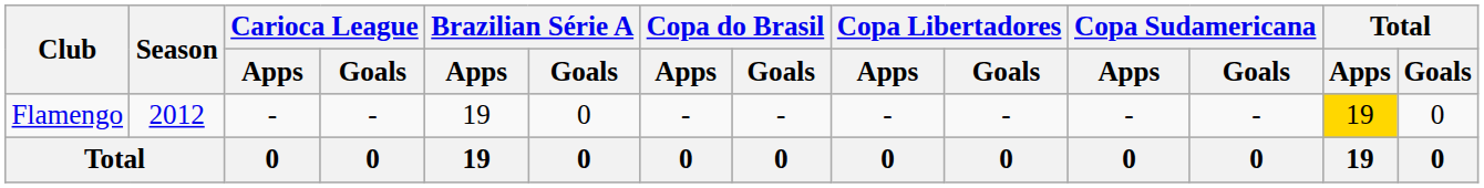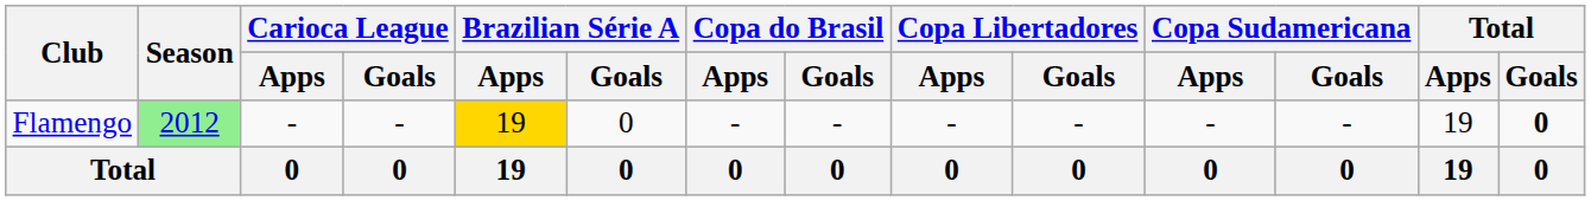 <table class="wikitable" style="text-align: center;">
 <tr>
 <th rowspan="2">Club</th>
 <th rowspan="2">Season</th>
 <th colspan="2"><a href='#'>Carioca League</a></th>
 <th colspan="2"><a href='#'>Brazilian Série A</a></th>
 <th colspan="2"><a href='#'>Copa do Brasil</a></th>
 <th colspan="2"><a href='#'>Copa Libertadores</a></th>
 <th colspan="2"><a href='#'>Copa Sudamericana</a></th>
 <th colspan="2">Total</th>
 </tr>
 <tr>
 <th>Apps</th>
 <th>Goals</th>
 <th>Apps</th>
 <th>Goals</th>
 <th>Apps</th>
 <th>Goals</th>
 <th>Apps</th>
 <th>Goals</th>
 <th>Apps</th>
 <th>Goals</th>
 <th>Apps</th>
 <th>Goals</th>
 </tr>
 <tr>
 <td rowspan="1" valign="center"><a href='#'>Flamengo</a></td>
-<td><a href='#'>2012</a></td>
+<td style="background: lightgreen;"><a href='#'>2012</a></td>
 <td>-</td>
 <td>-</td>
-<td>19</td>
+<td style="background: gold;">19</td>
 <td>0</td>
 <td>-</td>
 <td>-</td>
 <td>-</td>
 <td>-</td>
 <td>-</td>
 <td>-</td>
-<td style="background: gold;">19</td>
-<td>0</td>
+<td>19</td>
+<td><strong>0</strong></td>
 </tr>
 <tr>
 <th colspan="2"><strong>Total</strong></th>
 <th>0</th>
 <th>0</th>
 <th>19</th>
 <th>0</th>
 <th>0</th>
 <th>0</th>
 <th>0</th>
 <th>0</th>
 <th>0</th>
 <th>0</th>
 <th>19</th>
 <th>0</th>
 </tr>
 </table>
